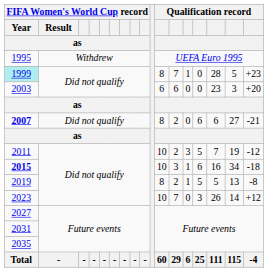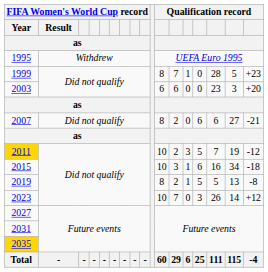 <table class="wikitable" style="text-align: center;">
 <tr>
 <th colspan=9><a href='#'>FIFA Women's World Cup</a> record</th>
 <th rowspan=17></th>
 <th colspan=7>Qualification record</th>
 </tr>
 <tr>
 <th>Year</th>
 <th>Result</th>
 <th></th>
 <th></th>
 <th></th>
 <th></th>
 <th></th>
 <th></th>
 <th></th>
 <th></th>
 <th></th>
 <th></th>
 <th></th>
 <th></th>
 <th></th>
 <th></th>
 </tr>
 <tr>
 <th colspan=9>as </th>
 <th colspan=7></th>
 </tr>
 <tr>
 <td> <a href='#'>1995</a></td>
 <td colspan=8><em>Withdrew</em></td>
 <td colspan=7><a href='#'><em>UEFA Euro 1995</em></a></td>
 </tr>
 <tr>
-<td style="background: paleturquoise;"> <a href='#'>1999</a></td>
+<td> <a href='#'>1999</a></td>
 <td colspan=8 rowspan=2><em>Did not qualify</em></td>
 <td>8</td>
 <td>7</td>
 <td>1</td>
 <td>0</td>
 <td>28</td>
 <td>5</td>
 <td>+23</td>
 </tr>
 <tr>
 <td> <a href='#'>2003</a></td>
 <td>6</td>
 <td>6</td>
 <td>0</td>
 <td>0</td>
 <td>23</td>
 <td>3</td>
 <td>+20</td>
 </tr>
 <tr>
 <th colspan=9>as </th>
 <th colspan=7></th>
 </tr>
 <tr>
-<td><strong> <a href='#'>2007</a></strong></td>
+<td> <a href='#'>2007</a></td>
 <td colspan=8><em>Did not qualify</em></td>
 <td>8</td>
 <td>2</td>
 <td>0</td>
 <td>6</td>
 <td>6</td>
 <td>27</td>
 <td>-21</td>
 </tr>
 <tr>
 <th colspan=9>as </th>
 <th colspan=7></th>
 </tr>
 <tr>
-<td> <a href='#'>2011</a></td>
+<td style="background: gold;"> <a href='#'>2011</a></td>
 <td colspan=8 rowspan=4><em>Did not qualify</em></td>
 <td>10</td>
 <td>2</td>
 <td>3</td>
 <td>5</td>
 <td>7</td>
 <td>19</td>
 <td>-12</td>
 </tr>
 <tr>
-<td><strong> <a href='#'>2015</a></strong></td>
+<td> <a href='#'>2015</a></td>
 <td>10</td>
 <td>3</td>
 <td>1</td>
 <td>6</td>
 <td>16</td>
 <td>34</td>
 <td>-18</td>
 </tr>
 <tr>
 <td> <a href='#'>2019</a></td>
 <td>8</td>
 <td>2</td>
 <td>1</td>
 <td>5</td>
 <td>5</td>
 <td>13</td>
 <td>-8</td>
 </tr>
 <tr>
 <td> <a href='#'>2023</a></td>
 <td>10</td>
 <td>7</td>
 <td>0</td>
 <td>3</td>
 <td>26</td>
 <td>14</td>
 <td>+12</td>
 </tr>
 <tr>
 <td> <a href='#'>2027</a></td>
 <td colspan=8 rowspan=3><em>Future events</em></td>
 <td colspan=7 rowspan=3><em>Future events</em></td>
 </tr>
 <tr>
 <td> <a href='#'>2031</a></td>
 </tr>
 <tr>
-<td> <a href='#'>2035</a></td>
+<td style="background: gold;"> <a href='#'>2035</a></td>
 </tr>
 <tr>
 <th>Total</th>
 <th>-</th>
 <th>-</th>
 <th>-</th>
 <th>-</th>
 <th>-</th>
 <th>-</th>
 <th>-</th>
 <th>-</th>
 <th>60</th>
 <th>29</th>
 <th>6</th>
 <th>25</th>
 <th>111</th>
 <th>115</th>
 <th>-4</th>
 </tr>
 </table>
